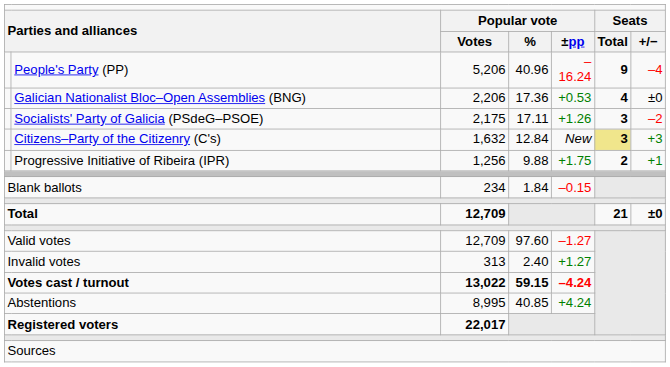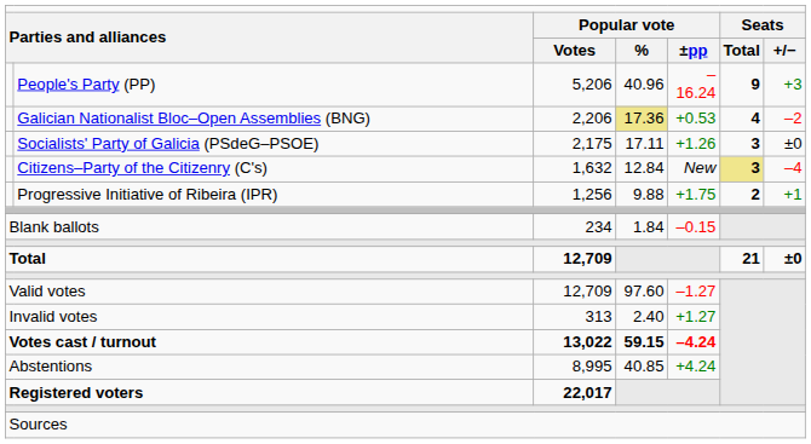 <table class="wikitable" style="text-align:right;">
 <tr>
 <td colspan="7"></td>
 </tr>
 <tr>
 <th style="text-align:left;" rowspan="2" colspan="2" width="525">Parties and alliances</th>
 <th colspan="3">Popular vote</th>
 <th colspan="2">Seats</th>
 </tr>
 <tr>
 <th width="75">Votes</th>
 <th width="45">%</th>
 <th width="45">±<a href='#'>pp</a></th>
 <th width="35">Total</th>
 <th width="35">+/−</th>
 </tr>
 <tr>
 <td width="1" style="color:inherit;background:"></td>
 <td align="left"><a href='#'>People's Party</a> (PP)</td>
 <td>5,206</td>
 <td>40.96</td>
 <td style="color:red;">–16.24</td>
 <td><strong>9</strong></td>
-<td style="color:red;">–4</td>
+<td style="color:green;">+3</td>
 </tr>
 <tr>
 <td style="color:inherit;background:"></td>
 <td align="left"><a href='#'>Galician Nationalist Bloc–Open Assemblies</a> (BNG)</td>
 <td>2,206</td>
-<td>17.36</td>
+<td style="background: khaki;">17.36</td>
 <td style="color:green;">+0.53</td>
 <td><strong>4</strong></td>
-<td>±0</td>
+<td style="color:red;">–2</td>
 </tr>
 <tr>
 <td style="color:inherit;background:"></td>
 <td align="left"><a href='#'>Socialists' Party of Galicia</a> (PSdeG–PSOE)</td>
 <td>2,175</td>
 <td>17.11</td>
 <td style="color:green;">+1.26</td>
 <td><strong>3</strong></td>
-<td style="color:red;">–2</td>
+<td>±0</td>
 </tr>
 <tr>
 <td style="color:inherit;background:"></td>
 <td align="left"><a href='#'>Citizens–Party of the Citizenry</a> (C's)</td>
 <td>1,632</td>
 <td>12.84</td>
 <td><em>New</em></td>
 <td style="background: khaki;"><strong>3</strong></td>
-<td style="color:green;">+3</td>
+<td style="color:red;">–4</td>
 </tr>
 <tr>
 <td style="color:inherit;background:"></td>
 <td align="left">Progressive Initiative of Ribeira (IPR)</td>
 <td>1,256</td>
 <td>9.88</td>
 <td style="color:green;">+1.75</td>
 <td><strong>2</strong></td>
 <td style="color:green;">+1</td>
 </tr>
 <tr>
 <td colspan="7" bgcolor="#C0C0C0"></td>
 </tr>
 <tr>
 <td align="left" colspan="2">Blank ballots</td>
 <td>234</td>
 <td>1.84</td>
 <td style="color:red;">–0.15</td>
 <td bgcolor="#E9E9E9" colspan="2"></td>
 </tr>
 <tr>
 <td colspan="7" bgcolor="#E9E9E9"></td>
 </tr>
 <tr style="font-weight:bold;">
 <td align="left" colspan="2">Total</td>
 <td>12,709</td>
 <td bgcolor="#E9E9E9" colspan="2"></td>
 <td>21</td>
 <td>±0</td>
 </tr>
 <tr>
 <td colspan="7" bgcolor="#E9E9E9"></td>
 </tr>
 <tr>
 <td align="left" colspan="2">Valid votes</td>
 <td>12,709</td>
 <td>97.60</td>
 <td style="color:red;">–1.27</td>
 <td bgcolor="#E9E9E9" colspan="2" rowspan="5"></td>
 </tr>
 <tr>
 <td align="left" colspan="2">Invalid votes</td>
 <td>313</td>
 <td>2.40</td>
 <td style="color:green;">+1.27</td>
 </tr>
 <tr style="font-weight:bold;">
 <td align="left" colspan="2">Votes cast / turnout</td>
 <td>13,022</td>
 <td>59.15</td>
 <td style="color:red;">–4.24</td>
 </tr>
 <tr>
 <td align="left" colspan="2">Abstentions</td>
 <td>8,995</td>
 <td>40.85</td>
 <td style="color:green;">+4.24</td>
 </tr>
 <tr style="font-weight:bold;">
 <td align="left" colspan="2">Registered voters</td>
 <td>22,017</td>
 <td bgcolor="#E9E9E9" colspan="2"></td>
 </tr>
 <tr>
 <td colspan="7" bgcolor="#E9E9E9"></td>
 </tr>
 <tr>
 <td align="left" colspan="7">Sources</td>
 </tr>
 </table>
